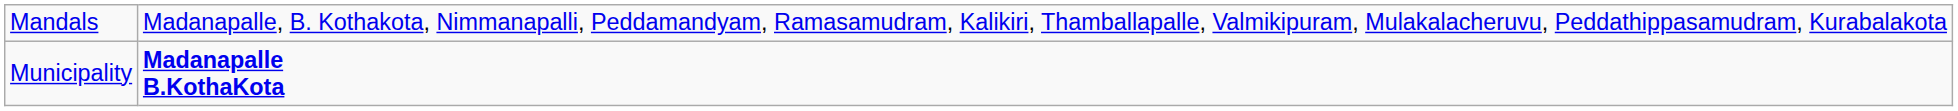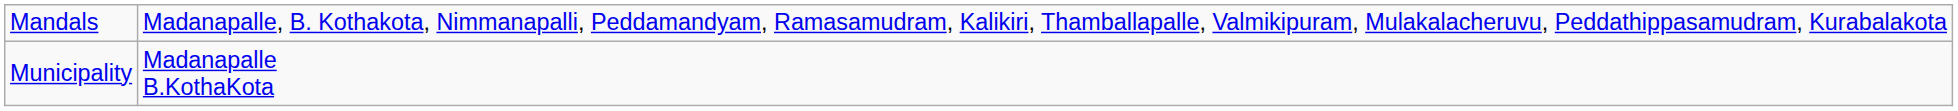 <table class="wikitable">
 <tr>
 <td><a href='#'>Mandals</a></td>
 <td><a href='#'>Madanapalle</a>, <a href='#'>B. Kothakota</a>, <a href='#'>Nimmanapalli</a>, <a href='#'>Peddamandyam</a>, <a href='#'>Ramasamudram</a>, <a href='#'>Kalikiri</a>, <a href='#'>Thamballapalle</a>, <a href='#'>Valmikipuram</a>, <a href='#'>Mulakalacheruvu</a>, <a href='#'>Peddathippasamudram</a>, <a href='#'>Kurabalakota</a></td>
 </tr>
 <tr>
 <td><a href='#'>Municipality</a></td>
-<td><strong><a href='#'>Madanapalle</a><br><a href='#'>B.KothaKota</a></strong></td>
+<td><a href='#'>Madanapalle</a><br><a href='#'>B.KothaKota</a></td>
 </tr>
 </table>
